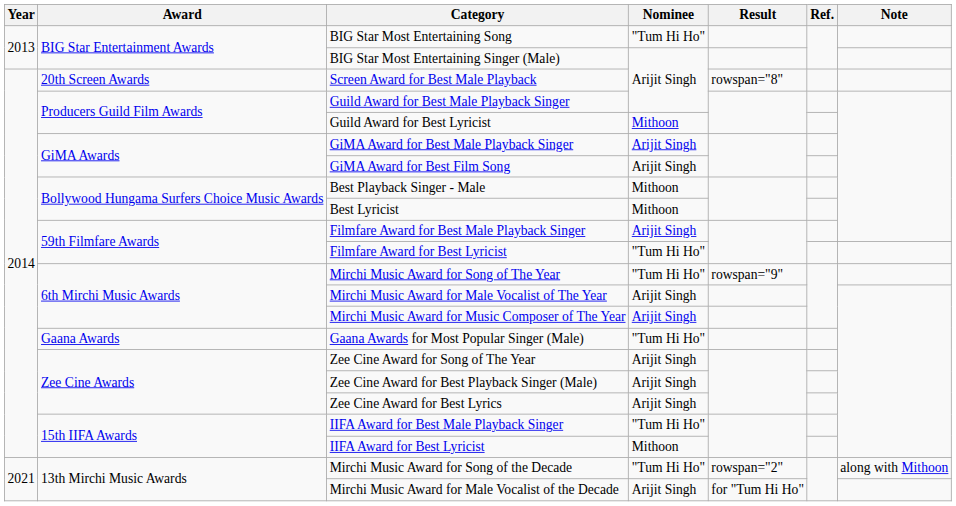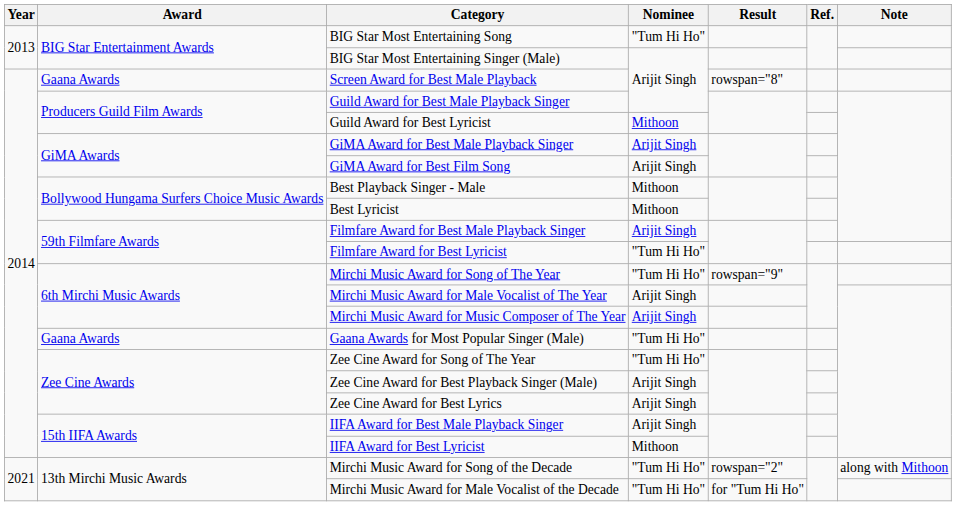 <table class="wikitable sortable">
 <tr>
 <th>Year</th>
 <th>Award</th>
 <th>Category</th>
 <th>Nominee</th>
 <th>Result</th>
 <th>Ref.</th>
 <th>Note</th>
 </tr>
 <tr>
 <td rowspan="2">2013</td>
 <td rowspan="2"><a href='#'>BIG Star Entertainment Awards</a></td>
 <td>BIG Star Most Entertaining Song</td>
 <td>"Tum Hi Ho"</td>
 <td></td>
 <td rowspan="2"></td>
 <td></td>
 </tr>
 <tr>
 <td>BIG Star Most Entertaining Singer (Male)</td>
 <td rowspan="3">Arijit Singh</td>
 <td></td>
 <td></td>
 </tr>
 <tr>
 <td rowspan="18">2014</td>
-<td><a href='#'>20th Screen Awards</a></td>
+<td><a href='#'>Gaana Awards</a></td>
 <td><a href='#'>Screen Award for Best Male Playback</a></td>
 <td>rowspan="8" </td>
 <td></td>
 <td></td>
 </tr>
 <tr>
 <td rowspan="2"><a href='#'>Producers Guild Film Awards</a></td>
 <td><a href='#'>Guild Award for Best Male Playback Singer</a></td>
 <td rowspan="2"></td>
 <td></td>
 </tr>
 <tr>
 <td>Guild Award for Best Lyricist</td>
 <td><a href='#'>Mithoon</a></td>
 <td></td>
 </tr>
 <tr>
 <td rowspan="2"><a href='#'>GiMA Awards</a></td>
 <td><a href='#'>GiMA Award for Best Male Playback Singer</a></td>
 <td><a href='#'>Arijit Singh</a></td>
 <td rowspan="2"></td>
 <td></td>
 </tr>
 <tr>
 <td><a href='#'>GiMA Award for Best Film Song</a></td>
 <td>Arijit Singh</td>
 <td></td>
 </tr>
 <tr>
 <td rowspan="2"><a href='#'>Bollywood Hungama Surfers Choice Music Awards</a></td>
 <td>Best Playback Singer - Male</td>
 <td>Mithoon</td>
 <td rowspan="2"></td>
 <td></td>
 </tr>
 <tr>
 <td>Best Lyricist</td>
 <td>Mithoon</td>
 <td></td>
 </tr>
 <tr>
 <td rowspan="2"><a href='#'>59th Filmfare Awards</a></td>
 <td><a href='#'>Filmfare Award for Best Male Playback Singer</a></td>
 <td><a href='#'>Arijit Singh</a></td>
 <td rowspan="2"></td>
 <td></td>
 </tr>
 <tr>
 <td><a href='#'>Filmfare Award for Best Lyricist</a></td>
 <td>"Tum Hi Ho"</td>
 <td></td>
 <td></td>
 </tr>
 <tr>
 <td rowspan="3"><a href='#'>6th Mirchi Music Awards</a></td>
 <td><a href='#'>Mirchi Music Award for Song of The Year</a></td>
 <td>"Tum Hi Ho"</td>
 <td>rowspan="9" </td>
 <td rowspan="3"></td>
 <td></td>
 </tr>
 <tr>
 <td><a href='#'>Mirchi Music Award for Male Vocalist of The Year</a></td>
 <td>Arijit Singh</td>
 <td></td>
 </tr>
 <tr>
 <td><a href='#'>Mirchi Music Award for Music Composer of The Year</a></td>
 <td><a href='#'>Arijit Singh</a></td>
 <td></td>
 </tr>
 <tr>
 <td><a href='#'>Gaana Awards</a></td>
 <td><a href='#'>Gaana Awards</a> for Most Popular Singer (Male)</td>
 <td>"Tum Hi Ho"</td>
 <td></td>
 <td></td>
 </tr>
 <tr>
 <td rowspan="3"><a href='#'>Zee Cine Awards</a></td>
 <td>Zee Cine Award for Song of The Year</td>
-<td>Arijit Singh</td>
+<td>"Tum Hi Ho"</td>
 <td rowspan="3"></td>
 <td></td>
 </tr>
 <tr>
 <td>Zee Cine Award for Best Playback Singer (Male)</td>
 <td>Arijit Singh</td>
 <td></td>
 </tr>
 <tr>
 <td>Zee Cine Award for Best Lyrics</td>
 <td>Arijit Singh</td>
 <td></td>
 </tr>
 <tr>
 <td rowspan="2"><a href='#'>15th IIFA Awards</a></td>
 <td><a href='#'>IIFA Award for Best Male Playback Singer</a></td>
-<td>"Tum Hi Ho"</td>
+<td>Arijit Singh</td>
 <td rowspan="2"></td>
 <td></td>
 </tr>
 <tr>
 <td><a href='#'>IIFA Award for Best Lyricist</a></td>
 <td>Mithoon</td>
 <td></td>
 </tr>
 <tr>
 <td rowspan="2">2021</td>
 <td rowspan="2">13th Mirchi Music Awards</td>
 <td>Mirchi Music Award for Song of the Decade</td>
 <td>"Tum Hi Ho"</td>
 <td>rowspan="2" </td>
 <td rowspan="2"></td>
 <td>along with <a href='#'>Mithoon</a></td>
 </tr>
 <tr>
 <td>Mirchi Music Award for Male Vocalist of the Decade</td>
-<td>Arijit Singh</td>
+<td>"Tum Hi Ho"</td>
 <td>for "Tum Hi Ho"</td>
 </tr>
 </table>
